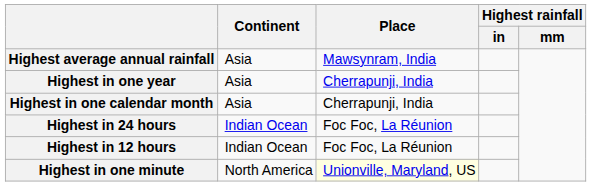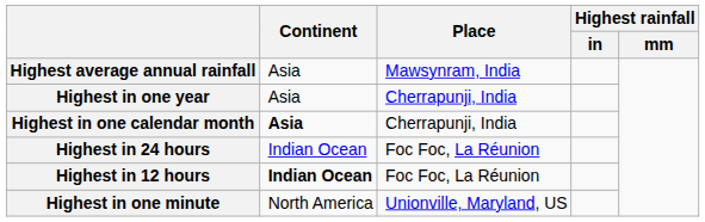 <table class="wikitable" style="margin:auto;">
 <tr>
 <th rowspan=2></th>
 <th rowspan=2>Continent</th>
 <th rowspan=2>Place</th>
 <th colspan=2>Highest rainfall</th>
 </tr>
 <tr>
 <th>in</th>
 <th>mm</th>
 </tr>
 <tr>
 <th>Highest average annual rainfall</th>
 <td> Asia</td>
 <td> <a href='#'>Mawsynram, India</a></td>
 <td> </td>
 </tr>
 <tr>
 <th>Highest in one year</th>
 <td> Asia</td>
 <td> <a href='#'>Cherrapunji, India</a></td>
 <td> </td>
 </tr>
 <tr>
 <th>Highest in one calendar month</th>
-<td> Asia</td>
+<td><strong> Asia</strong></td>
 <td> Cherrapunji, India</td>
 <td></td>
 </tr>
 <tr>
 <th>Highest in 24 hours</th>
 <td> <a href='#'>Indian Ocean</a></td>
 <td> Foc Foc, <a href='#'>La Réunion</a></td>
 <td></td>
 </tr>
 <tr>
 <th>Highest in 12 hours</th>
-<td> Indian Ocean</td>
+<td><strong> Indian Ocean</strong></td>
 <td> Foc Foc, La Réunion</td>
 <td></td>
 </tr>
 <tr>
 <th>Highest in one minute</th>
 <td> North America</td>
-<td style="background: lightyellow;"> <a href='#'>Unionville, Maryland</a>, US</td>
+<td> <a href='#'>Unionville, Maryland</a>, US</td>
 <td></td>
 </tr>
 </table>
